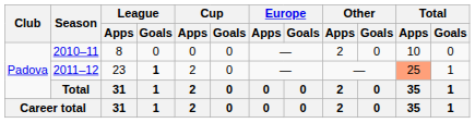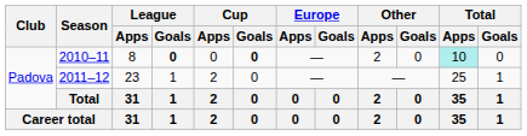 <table class="wikitable" style="text-align:center">
 <tr>
 <th rowspan="2">Club</th>
 <th rowspan="2">Season</th>
 <th colspan="2">League</th>
 <th colspan="2">Cup</th>
 <th colspan="2"><a href='#'>Europe</a></th>
 <th colspan="2">Other</th>
 <th colspan="2">Total</th>
 </tr>
 <tr>
 <th>Apps</th>
 <th>Goals</th>
 <th>Apps</th>
 <th>Goals</th>
 <th>Apps</th>
 <th>Goals</th>
 <th>Apps</th>
 <th>Goals</th>
 <th>Apps</th>
 <th>Goals</th>
 </tr>
 <tr>
 <td rowspan="3"><a href='#'>Padova</a></td>
 <td><a href='#'>2010–11</a></td>
 <td>8</td>
+<td><strong>0</strong></td>
 <td>0</td>
-<td>0</td>
-<td>0</td>
+<td><strong>0</strong></td>
 <td colspan="2">—</td>
 <td>2</td>
 <td>0</td>
-<td>10</td>
+<td style="background: paleturquoise;">10</td>
 <td>0</td>
 </tr>
 <tr>
 <td><a href='#'>2011–12</a></td>
 <td>23</td>
-<td><strong>1</strong></td>
+<td>1</td>
 <td>2</td>
 <td>0</td>
 <td colspan="2">—</td>
 <td colspan="2">—</td>
-<td style="background: lightsalmon;">25</td>
+<td>25</td>
 <td>1</td>
 </tr>
 <tr>
 <th>Total</th>
 <th>31</th>
 <th>1</th>
 <th>2</th>
 <th>0</th>
 <th>0</th>
 <th>0</th>
 <th>2</th>
 <th>0</th>
 <th>35</th>
 <th>1</th>
 </tr>
 <tr>
 <th colspan="2">Career total</th>
 <th>31</th>
 <th>1</th>
 <th>2</th>
 <th>0</th>
 <th>0</th>
 <th>0</th>
 <th>2</th>
 <th>0</th>
 <th>35</th>
 <th>1</th>
 </tr>
 </table>
